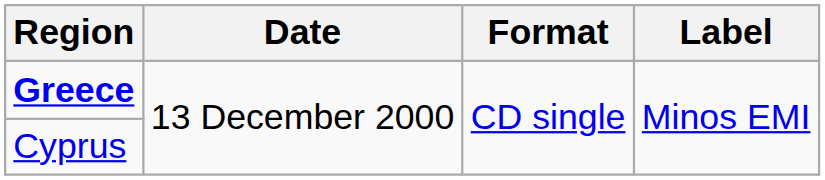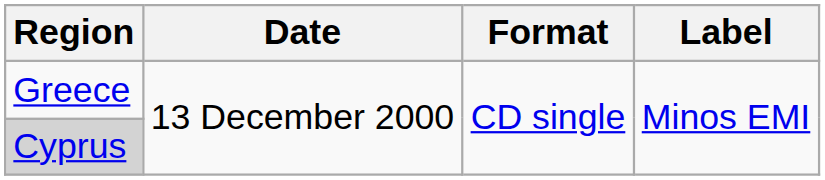 <table class="sortable wikitable">
 <tr>
 <th>Region</th>
 <th>Date</th>
 <th>Format</th>
 <th>Label</th>
 </tr>
 <tr>
-<td><strong><a href='#'>Greece</a></strong></td>
+<td><a href='#'>Greece</a></td>
 <td rowspan="2">13 December 2000</td>
 <td rowspan="2"><a href='#'>CD single</a></td>
 <td rowspan="2"><a href='#'>Minos EMI</a></td>
 </tr>
 <tr>
-<td><a href='#'>Cyprus</a></td>
+<td style="background: lightgrey;"><a href='#'>Cyprus</a></td>
 </tr>
 </table>
